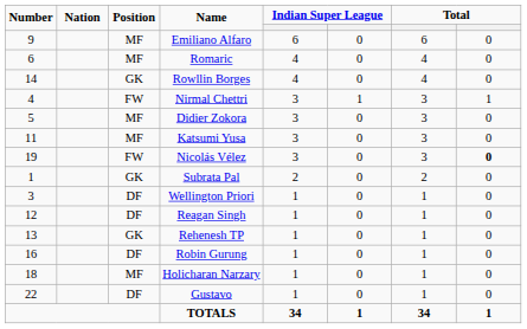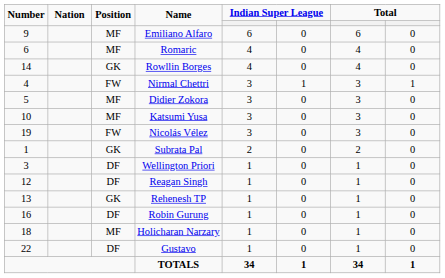 <table class="wikitable" style="font-size: 100%; text-align: center;">
 <tr>
 <td rowspan="2" width="10%" align="center"><strong>Number</strong></td>
 <td rowspan="2" width="10%" align="center"><strong>Nation</strong></td>
 <td rowspan="2" width="10%" align="center"><strong>Position</strong></td>
 <td rowspan="2" width="20%" align="center"><strong>Name</strong></td>
 <td colspan="2" align="center"><strong><a href='#'>Indian Super League</a></strong></td>
 <td colspan="2" align="center"><strong>Total</strong></td>
 </tr>
 <tr>
 <th width=60 style="background:"></th>
 <th width=60 style="background:"></th>
 <th width=60 style="background:"></th>
 <th width=60 style="background:"></th>
 </tr>
 <tr>
 <td>9</td>
 <td></td>
 <td>MF</td>
 <td><a href='#'>Emiliano Alfaro</a></td>
 <td>6</td>
 <td>0</td>
 <td>6</td>
 <td>0</td>
 </tr>
 <tr>
 <td>6</td>
 <td></td>
 <td>MF</td>
 <td><a href='#'>Romaric</a></td>
 <td>4</td>
 <td>0</td>
 <td>4</td>
 <td>0</td>
 </tr>
 <tr>
 <td>14</td>
 <td></td>
 <td>GK</td>
 <td><a href='#'>Rowllin Borges</a></td>
 <td>4</td>
 <td>0</td>
 <td>4</td>
 <td>0</td>
 </tr>
 <tr>
 <td>4</td>
 <td></td>
 <td>FW</td>
 <td><a href='#'>Nirmal Chettri</a></td>
 <td>3</td>
 <td>1</td>
 <td>3</td>
 <td>1</td>
 </tr>
 <tr>
 <td>5</td>
 <td></td>
 <td>MF</td>
 <td><a href='#'>Didier Zokora</a></td>
 <td>3</td>
 <td>0</td>
 <td>3</td>
 <td>0</td>
 </tr>
 <tr>
-<td>11</td>
+<td>10</td>
 <td></td>
 <td>MF</td>
 <td><a href='#'>Katsumi Yusa</a></td>
 <td>3</td>
 <td>0</td>
 <td>3</td>
 <td>0</td>
 </tr>
 <tr>
 <td>19</td>
 <td></td>
 <td>FW</td>
 <td><a href='#'>Nicolás Vélez</a></td>
 <td>3</td>
 <td>0</td>
 <td>3</td>
-<td><strong>0</strong></td>
+<td>0</td>
 </tr>
 <tr>
 <td>1</td>
 <td></td>
 <td>GK</td>
 <td><a href='#'>Subrata Pal</a></td>
 <td>2</td>
 <td>0</td>
 <td>2</td>
 <td>0</td>
 </tr>
 <tr>
 <td>3</td>
 <td></td>
 <td>DF</td>
 <td><a href='#'>Wellington Priori</a></td>
 <td>1</td>
 <td>0</td>
 <td>1</td>
 <td>0</td>
 </tr>
 <tr>
 <td>12</td>
 <td></td>
 <td>DF</td>
 <td><a href='#'>Reagan Singh</a></td>
 <td>1</td>
 <td>0</td>
 <td>1</td>
 <td>0</td>
 </tr>
 <tr>
 <td>13</td>
 <td></td>
 <td>GK</td>
 <td><a href='#'>Rehenesh TP</a></td>
 <td>1</td>
 <td>0</td>
 <td>1</td>
 <td>0</td>
 </tr>
 <tr>
 <td>16</td>
 <td></td>
 <td>DF</td>
 <td><a href='#'>Robin Gurung</a></td>
 <td>1</td>
 <td>0</td>
 <td>1</td>
 <td>0</td>
 </tr>
 <tr>
 <td>18</td>
 <td></td>
 <td>MF</td>
 <td><a href='#'>Holicharan Narzary</a></td>
 <td>1</td>
 <td>0</td>
 <td>1</td>
 <td>0</td>
 </tr>
 <tr>
 <td>22</td>
 <td></td>
 <td>DF</td>
 <td><a href='#'>Gustavo</a></td>
 <td>1</td>
 <td>0</td>
 <td>1</td>
 <td>0</td>
 </tr>
 <tr>
 <td colspan="3"></td>
 <td><strong>TOTALS</strong></td>
 <td><strong>34</strong></td>
 <td><strong>1</strong></td>
 <td><strong>34</strong></td>
 <td><strong>1</strong></td>
 </tr>
 </table>
